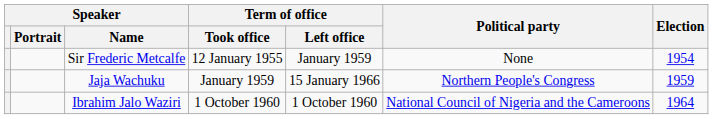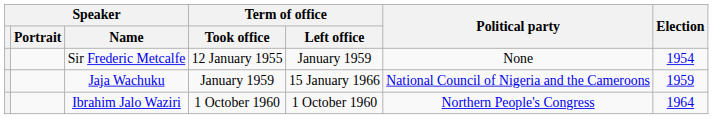 <table class=wikitable style=text-align:center>
 <tr>
 <th colspan=3>Speaker</th>
 <th colspan=2>Term of office</th>
 <th rowspan=2>Political party</th>
 <th rowspan=2>Election</th>
 </tr>
 <tr>
 <th></th>
 <th>Portrait</th>
 <th>Name</th>
 <th>Took office</th>
 <th>Left office</th>
 </tr>
 <tr>
 <th style="background:"></th>
 <td></td>
 <td>Sir <a href='#'>Frederic Metcalfe</a></td>
 <td>12 January 1955</td>
 <td>January 1959</td>
 <td>None</td>
 <td><a href='#'>1954</a></td>
 </tr>
 <tr>
 <th style="background:"></th>
 <td></td>
 <td><a href='#'>Jaja Wachuku</a></td>
 <td>January 1959</td>
 <td>15 January 1966</td>
-<td><a href='#'>Northern People's Congress</a></td>
+<td><a href='#'>National Council of Nigeria and the Cameroons</a></td>
 <td><a href='#'>1959</a></td>
 </tr>
 <tr>
 <th style="background:"></th>
 <td></td>
 <td><a href='#'>Ibrahim Jalo Waziri</a></td>
 <td>1 October 1960</td>
 <td>1 October 1960</td>
-<td><a href='#'>National Council of Nigeria and the Cameroons</a></td>
+<td><a href='#'>Northern People's Congress</a></td>
 <td><a href='#'>1964</a></td>
 </tr>
 </table>
